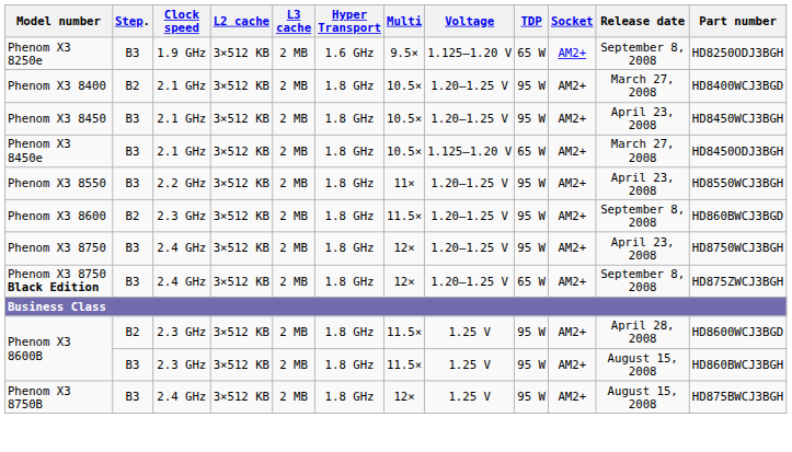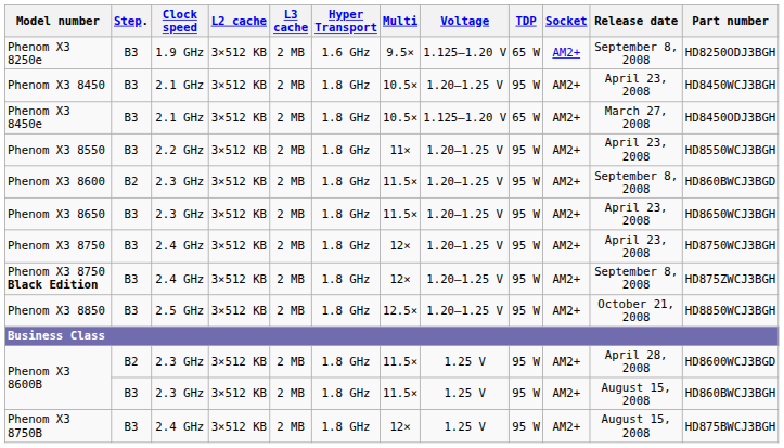 <table class="wikitable" style="text-align: center">
 <tr>
 <th>Model number</th>
 <th><a href='#'>Step</a>.</th>
 <th><a href='#'>Clock speed</a></th>
 <th><a href='#'>L2 cache</a></th>
 <th><a href='#'>L3 cache</a></th>
 <th><a href='#'>Hyper<br>Transport</a></th>
 <th><a href='#'>Multi</a></th>
 <th><a href='#'>Voltage</a></th>
 <th><a href='#'>TDP</a></th>
 <th><a href='#'>Socket</a></th>
 <th>Release date</th>
 <th>Part number</th>
 </tr>
 <tr>
 <td style="text-align:left">Phenom X3 8250e</td>
 <td>B3</td>
 <td>1.9 GHz</td>
 <td style="white-space: nowrap;">3×512 KB</td>
 <td>2 MB</td>
 <td>1.6 GHz</td>
 <td>9.5×</td>
 <td style="white-space: nowrap;">1.125–1.20 V</td>
 <td style="white-space: nowrap;">65 W</td>
 <td><a href='#'>AM2+</a></td>
 <td>September 8, 2008</td>
 <td>HD8250ODJ3BGH</td>
-</tr>
-<tr>
-<td style="text-align:left">Phenom X3 8400</td>
-<td>B2</td>
-<td>2.1 GHz</td>
-<td>3×512 KB</td>
-<td>2 MB</td>
-<td>1.8 GHz</td>
-<td>10.5×</td>
-<td>1.20–1.25 V</td>
-<td>95 W</td>
-<td>AM2+</td>
-<td>March 27, 2008</td>
-<td>HD8400WCJ3BGD</td>
 </tr>
 <tr>
 <td style="text-align:left">Phenom X3 8450</td>
 <td>B3</td>
 <td>2.1 GHz</td>
 <td>3×512 KB</td>
 <td>2 MB</td>
 <td>1.8 GHz</td>
 <td>10.5×</td>
 <td>1.20–1.25 V</td>
 <td>95 W</td>
 <td>AM2+</td>
 <td>April 23, 2008</td>
 <td>HD8450WCJ3BGH</td>
 </tr>
 <tr>
 <td style="text-align:left">Phenom X3 8450e</td>
 <td>B3</td>
 <td>2.1 GHz</td>
 <td>3×512 KB</td>
 <td>2 MB</td>
 <td>1.8 GHz</td>
 <td>10.5×</td>
 <td>1.125–1.20 V</td>
 <td>65 W</td>
 <td>AM2+</td>
 <td>March 27, 2008</td>
 <td>HD8450ODJ3BGH</td>
 </tr>
 <tr>
 <td style="text-align:left">Phenom X3 8550</td>
 <td>B3</td>
 <td>2.2 GHz</td>
 <td>3×512 KB</td>
 <td>2 MB</td>
 <td>1.8 GHz</td>
 <td>11×</td>
 <td>1.20–1.25 V</td>
 <td>95 W</td>
 <td>AM2+</td>
 <td>April 23, 2008</td>
 <td>HD8550WCJ3BGH</td>
 </tr>
 <tr>
 <td style="text-align:left">Phenom X3 8600</td>
 <td>B2</td>
 <td>2.3 GHz</td>
 <td>3×512 KB</td>
 <td>2 MB</td>
 <td>1.8 GHz</td>
 <td>11.5×</td>
 <td>1.20–1.25 V</td>
 <td>95 W</td>
 <td>AM2+</td>
 <td>September 8, 2008</td>
 <td>HD860BWCJ3BGD</td>
 </tr>
 <tr>
+<td style="text-align:left">Phenom X3 8650</td>
+<td>B3</td>
+<td>2.3 GHz</td>
+<td>3×512 KB</td>
+<td>2 MB</td>
+<td>1.8 GHz</td>
+<td>11.5×</td>
+<td>1.20–1.25 V</td>
+<td>95 W</td>
+<td>AM2+</td>
+<td>April 23, 2008</td>
+<td>HD8650WCJ3BGH</td>
+</tr>
+<tr>
 <td style="text-align:left">Phenom X3 8750</td>
 <td>B3</td>
 <td>2.4 GHz</td>
 <td>3×512 KB</td>
 <td>2 MB</td>
 <td>1.8 GHz</td>
 <td>12×</td>
 <td>1.20–1.25 V</td>
 <td>95 W</td>
 <td>AM2+</td>
 <td>April 23, 2008</td>
 <td>HD8750WCJ3BGH</td>
 </tr>
 <tr>
 <td style="text-align:left">Phenom X3 8750 <strong>Black Edition</strong></td>
 <td>B3</td>
 <td>2.4 GHz</td>
 <td>3×512 KB</td>
 <td>2 MB</td>
 <td>1.8 GHz</td>
 <td>12×</td>
 <td>1.20–1.25 V</td>
-<td>65 W</td>
+<td>95 W</td>
 <td>AM2+</td>
 <td>September 8, 2008</td>
 <td>HD875ZWCJ3BGH</td>
+</tr>
+<tr>
+<td style="text-align:left">Phenom X3 8850</td>
+<td>B3</td>
+<td>2.5 GHz</td>
+<td>3×512 KB</td>
+<td>2 MB</td>
+<td>1.8 GHz</td>
+<td>12.5×</td>
+<td>1.20–1.25 V</td>
+<td>95 W</td>
+<td>AM2+</td>
+<td>October 21, 2008</td>
+<td>HD8850WCJ3BGH</td>
 </tr>
 <tr>
 <td style="text-align: left; background-color: #716cae; color: white;" colspan="12"><strong>Business Class</strong></td>
 </tr>
 <tr>
 <td style="text-align:left" rowspan="2">Phenom X3 8600B</td>
 <td>B2</td>
 <td>2.3 GHz</td>
 <td>3×512 KB</td>
 <td>2 MB</td>
 <td>1.8 GHz</td>
 <td>11.5×</td>
 <td>1.25 V</td>
 <td>95 W</td>
 <td>AM2+</td>
 <td>April 28, 2008</td>
 <td>HD8600WCJ3BGD</td>
 </tr>
 <tr>
 <td>B3</td>
 <td>2.3 GHz</td>
 <td>3×512 KB</td>
 <td>2 MB</td>
 <td>1.8 GHz</td>
 <td>11.5×</td>
 <td>1.25 V</td>
 <td>95 W</td>
 <td>AM2+</td>
 <td>August 15, 2008</td>
 <td>HD860BWCJ3BGH</td>
 </tr>
 <tr>
 <td style="text-align:left">Phenom X3 8750B</td>
 <td>B3</td>
 <td>2.4 GHz</td>
 <td>3×512 KB</td>
 <td>2 MB</td>
 <td>1.8 GHz</td>
 <td>12×</td>
 <td>1.25 V</td>
 <td>95 W</td>
 <td>AM2+</td>
 <td>August 15, 2008</td>
 <td>HD875BWCJ3BGH</td>
 </tr>
 </table>
